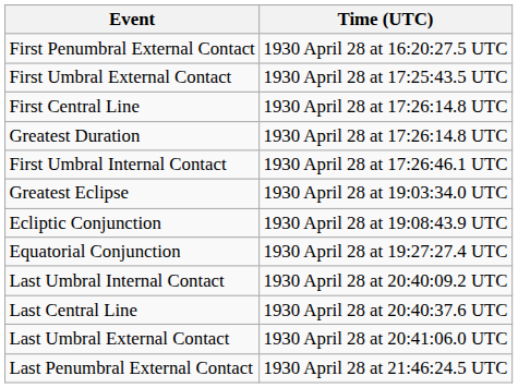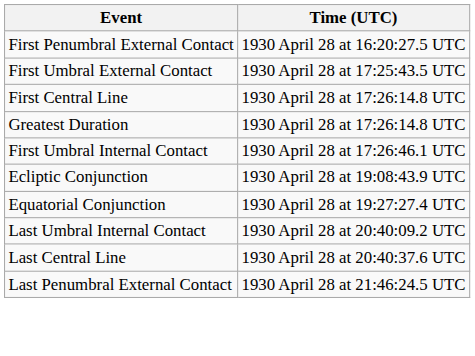 <table class="wikitable">
 <tr>
 <th>Event</th>
 <th>Time (UTC)</th>
 </tr>
 <tr>
 <td>First Penumbral External Contact</td>
 <td>1930 April 28 at 16:20:27.5 UTC</td>
 </tr>
 <tr>
 <td>First Umbral External Contact</td>
 <td>1930 April 28 at 17:25:43.5 UTC</td>
 </tr>
 <tr>
 <td>First Central Line</td>
 <td>1930 April 28 at 17:26:14.8 UTC</td>
 </tr>
 <tr>
 <td>Greatest Duration</td>
 <td>1930 April 28 at 17:26:14.8 UTC</td>
 </tr>
 <tr>
 <td>First Umbral Internal Contact</td>
 <td>1930 April 28 at 17:26:46.1 UTC</td>
 </tr>
 <tr>
-<td>Greatest Eclipse</td>
-<td>1930 April 28 at 19:03:34.0 UTC</td>
-</tr>
-<tr>
 <td>Ecliptic Conjunction</td>
 <td>1930 April 28 at 19:08:43.9 UTC</td>
 </tr>
 <tr>
 <td>Equatorial Conjunction</td>
 <td>1930 April 28 at 19:27:27.4 UTC</td>
 </tr>
 <tr>
 <td>Last Umbral Internal Contact</td>
 <td>1930 April 28 at 20:40:09.2 UTC</td>
 </tr>
 <tr>
 <td>Last Central Line</td>
 <td>1930 April 28 at 20:40:37.6 UTC</td>
 </tr>
 <tr>
-<td>Last Umbral External Contact</td>
-<td>1930 April 28 at 20:41:06.0 UTC</td>
-</tr>
-<tr>
 <td>Last Penumbral External Contact</td>
 <td>1930 April 28 at 21:46:24.5 UTC</td>
 </tr>
 </table>
